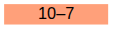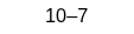 <table style="text-align:center">
 <tr>
 <th width=200></th>
 <th width=100></th>
 <th width=200></th>
 </tr>
 <tr>
 <td align=right><strong></strong></td>
-<td style="background: lightsalmon;">10–7</td>
+<td>10–7</td>
 <td align=left></td>
 </tr>
 </table>
